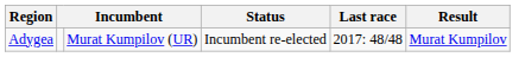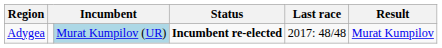 <table class="wikitable sortable">
 <tr>
 <th>Region</th>
 <th colspan=2>Incumbent</th>
 <th>Status</th>
 <th>Last race</th>
 <th>Result</th>
 </tr>
 <tr>
 <td><a href='#'>Adygea</a></td>
 <td style="background: "></td>
-<td><a href='#'>Murat Kumpilov</a> (<a href='#'>UR</a>)</td>
-<td>Incumbent re-elected</td>
+<td style="background: lightblue;"><a href='#'>Murat Kumpilov</a> (<a href='#'>UR</a>)</td>
+<td><strong>Incumbent re-elected</strong></td>
 <td>2017: 48/48</td>
 <td><a href='#'>Murat Kumpilov</a> </td>
 </tr>
 </table>
